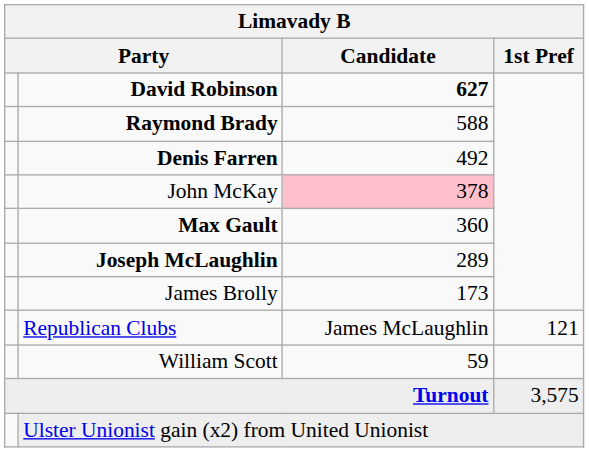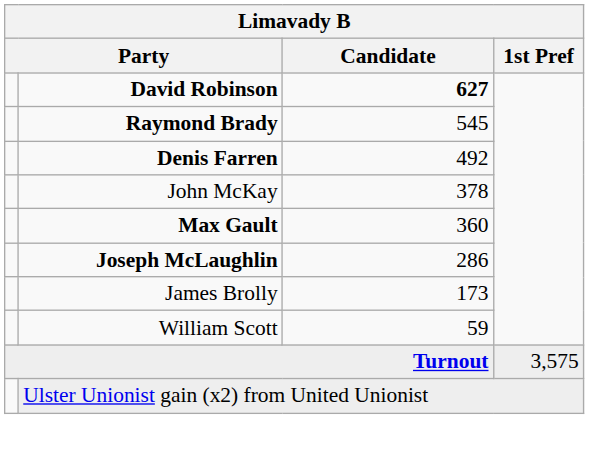 <table class="wikitable">
 <tr>
 <th colspan="4" align="center">Limavady B</th>
 </tr>
 <tr>
 <th colspan="2" align="center" width=200>Party</th>
 <th width=150>Candidate</th>
 <th width=60>1st Pref</th>
 </tr>
 <tr>
 <td></td>
 <td align="right"><strong>David Robinson</strong></td>
 <td align="right"><strong>627</strong></td>
 </tr>
 <tr>
 <td></td>
 <td align="right"><strong>Raymond Brady</strong></td>
-<td align="right">588</td>
+<td align="right">545</td>
 </tr>
 <tr>
 <td></td>
 <td align="right"><strong>Denis Farren</strong></td>
 <td align="right">492</td>
 </tr>
 <tr>
 <td></td>
 <td align="right">John McKay</td>
-<td align="right" style="background: pink;">378</td>
+<td align="right">378</td>
 </tr>
 <tr>
 <td></td>
 <td align="right"><strong>Max Gault</strong></td>
 <td align="right">360</td>
 </tr>
 <tr>
 <td></td>
 <td align="right"><strong>Joseph McLaughlin</strong></td>
-<td align="right">289</td>
+<td align="right">286</td>
 </tr>
 <tr>
 <td></td>
 <td align="right">James Brolly</td>
 <td align="right">173</td>
-</tr>
-<tr>
-<td style="background-color: "></td>
-<td><a href='#'>Republican Clubs</a></td>
-<td align="right">James McLaughlin</td>
-<td align="right">121</td>
 </tr>
 <tr>
 <td></td>
 <td align="right">William Scott</td>
 <td align="right">59</td>
 </tr>
 <tr bgcolor="EEEEEE">
 <td colspan=3 align="right"><strong><a href='#'>Turnout</a></strong></td>
 <td align="right">3,575</td>
 </tr>
 <tr>
 <td bgcolor=></td>
 <td colspan=3 bgcolor="EEEEEE"><a href='#'>Ulster Unionist</a> gain (x2) from United Unionist</td>
 </tr>
 </table>
